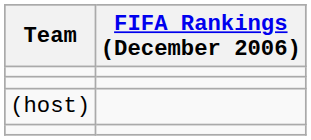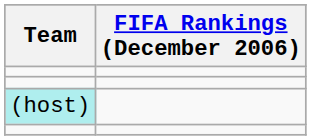 <table class="wikitable sortable" style="text-align: left;">
 <tr>
 <th>Team</th>
 <th><a href='#'>FIFA Rankings</a><br>(December 2006)</th>
 </tr>
 <tr>
 <td></td>
 <td></td>
 </tr>
 <tr>
 <td></td>
 <td></td>
 </tr>
 <tr>
-<td> (host)</td>
+<td style="background: paleturquoise;"> (host)</td>
 <td></td>
 </tr>
 <tr>
 <td></td>
 <td></td>
 </tr>
 </table>
